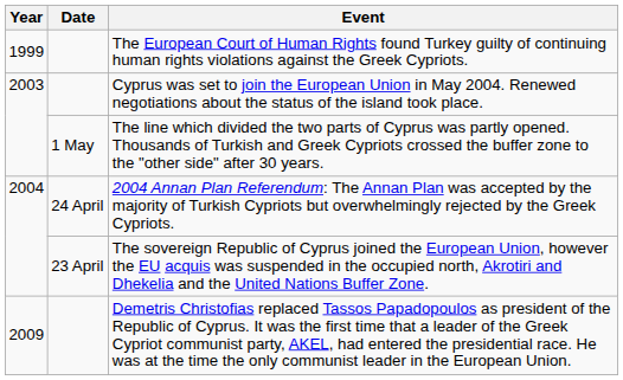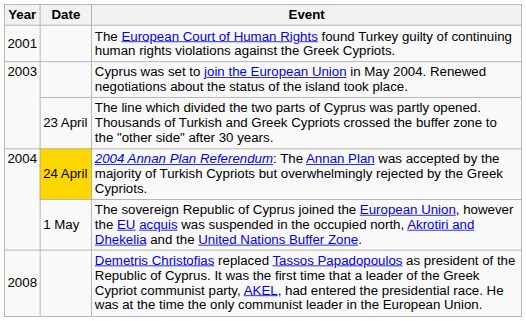 <table class="wikitable" width="100%">
 <tr>
 <th style="width:6%">Year</th>
 <th style="width:10%">Date</th>
 <th>Event</th>
 </tr>
 <tr>
-<td>1999</td>
+<td>2001</td>
 <td></td>
 <td>The <a href='#'>European Court of Human Rights</a> found Turkey guilty of continuing human rights violations against the Greek Cypriots.</td>
 </tr>
 <tr>
 <td rowspan="2" style="vertical-align:top">2003</td>
 <td></td>
 <td>Cyprus was set to <a href='#'>join the European Union</a> in May 2004. Renewed negotiations about the status of the island took place.</td>
 </tr>
 <tr>
-<td>1 May</td>
+<td>23 April</td>
 <td>The line which divided the two parts of Cyprus was partly opened. Thousands of Turkish and Greek Cypriots crossed the buffer zone to the "other side" after 30 years.</td>
 </tr>
 <tr>
 <td rowspan="2" style="vertical-align:top">2004</td>
-<td>24 April</td>
+<td style="background: gold;">24 April</td>
 <td><em><a href='#'>2004 Annan Plan Referendum</a></em>: The <a href='#'>Annan Plan</a> was accepted by the majority of Turkish Cypriots but overwhelmingly rejected by the Greek Cypriots.</td>
 </tr>
 <tr>
-<td>23 April</td>
+<td>1 May</td>
 <td>The sovereign Republic of Cyprus joined the <a href='#'>European Union</a>, however the <a href='#'>EU</a> <a href='#'>acquis</a> was suspended in the occupied north, <a href='#'>Akrotiri and Dhekelia</a> and the <a href='#'>United Nations Buffer Zone</a>.</td>
 </tr>
 <tr>
-<td>2009</td>
+<td>2008</td>
 <td></td>
 <td><a href='#'>Demetris Christofias</a> replaced <a href='#'>Tassos Papadopoulos</a> as president of the Republic of Cyprus. It was the first time that a leader of the Greek Cypriot communist party, <a href='#'>AKEL</a>, had entered the presidential race. He was at the time the only communist leader in the European Union.</td>
 </tr>
 </table>
